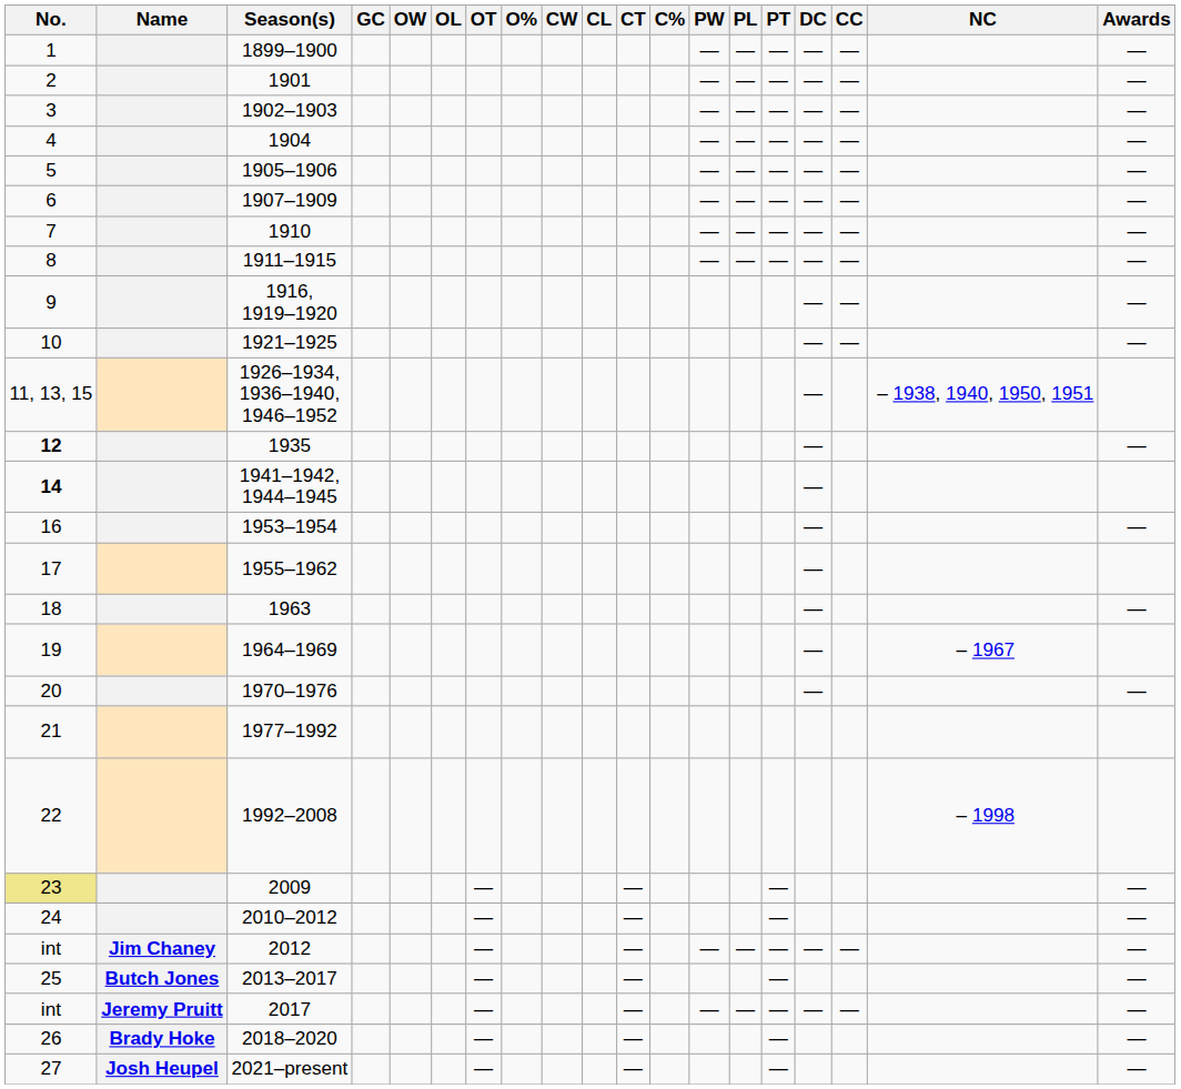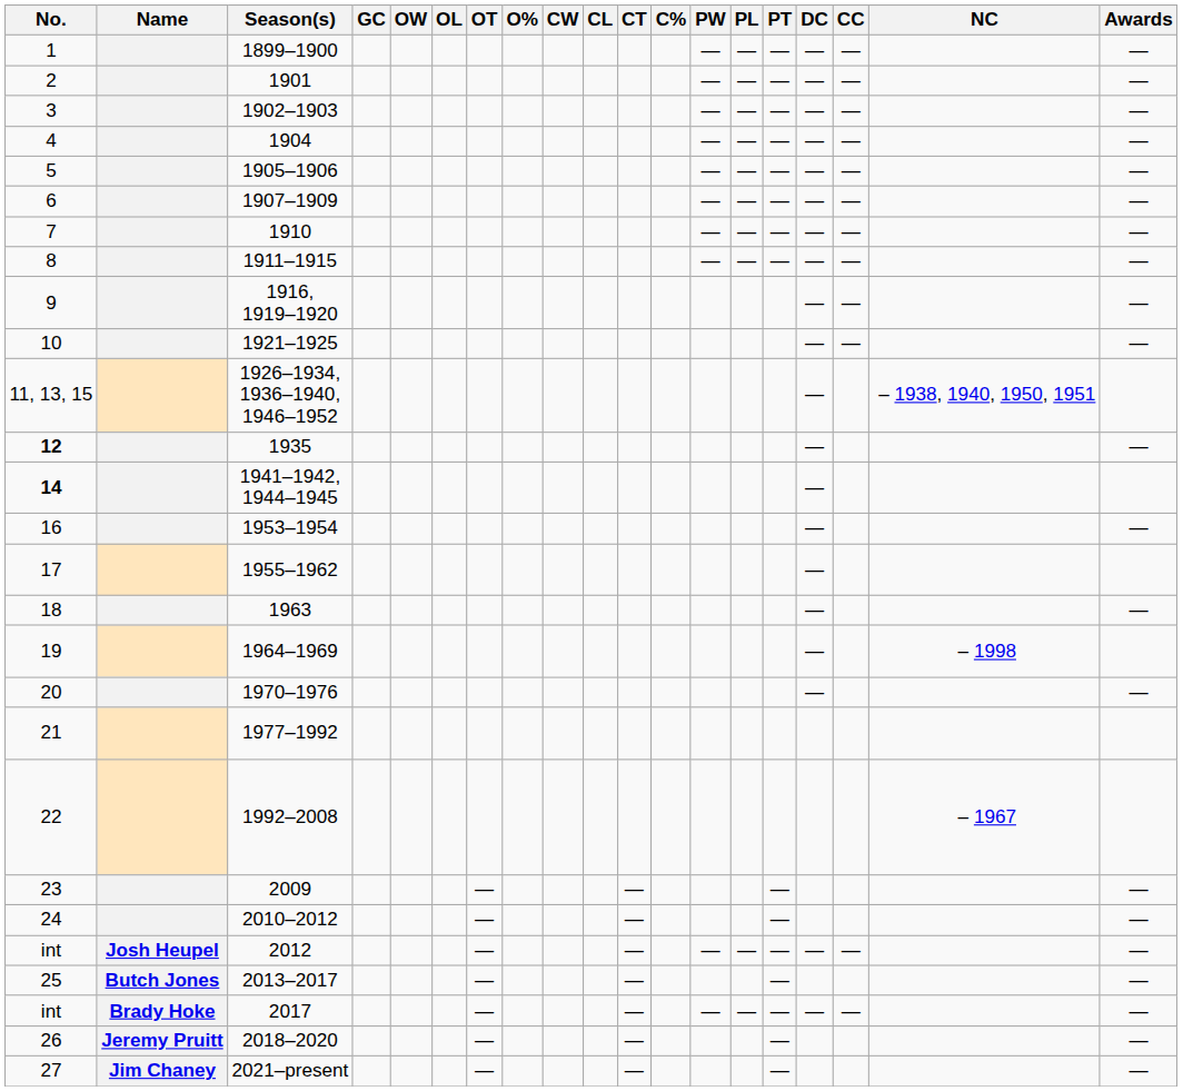 <table class="wikitable sortable" style="text-align:center">
 <tr>
 <th scope="col" class="unsortable">No.</th>
 <th scope="col">Name</th>
 <th scope="col">Season(s)<br></th>
 <th scope="col">GC</th>
 <th scope="col">OW</th>
 <th scope="col">OL</th>
 <th scope="col">OT</th>
 <th scope="col">O%</th>
 <th scope="col">CW</th>
 <th scope="col">CL</th>
 <th scope="col">CT</th>
 <th scope="col">C%</th>
 <th scope="col">PW</th>
 <th scope="col">PL</th>
 <th scope="col">PT</th>
 <th scope="col">DC<br></th>
 <th scope="col">CC</th>
 <th scope="col">NC</th>
 <th scope="col" class="unsortable">Awards</th>
 </tr>
 <tr>
 <td>1</td>
 <th scope="row"></th>
 <td>1899–1900</td>
 <td></td>
 <td></td>
 <td></td>
 <td></td>
 <td></td>
 <td></td>
 <td></td>
 <td></td>
 <td></td>
 <td>—</td>
 <td>—</td>
 <td>—</td>
 <td>—</td>
 <td>—</td>
 <td></td>
 <td>—</td>
 </tr>
 <tr>
 <td>2</td>
 <th scope="row"></th>
 <td>1901</td>
 <td></td>
 <td></td>
 <td></td>
 <td></td>
 <td></td>
 <td></td>
 <td></td>
 <td></td>
 <td></td>
 <td>—</td>
 <td>—</td>
 <td>—</td>
 <td>—</td>
 <td>—</td>
 <td></td>
 <td>—</td>
 </tr>
 <tr>
 <td>3</td>
 <th scope="row"></th>
 <td>1902–1903</td>
 <td></td>
 <td></td>
 <td></td>
 <td></td>
 <td></td>
 <td></td>
 <td></td>
 <td></td>
 <td></td>
 <td>—</td>
 <td>—</td>
 <td>—</td>
 <td>—</td>
 <td>—</td>
 <td></td>
 <td>—</td>
 </tr>
 <tr>
 <td>4</td>
 <th scope="row"></th>
 <td>1904</td>
 <td></td>
 <td></td>
 <td></td>
 <td></td>
 <td></td>
 <td></td>
 <td></td>
 <td></td>
 <td></td>
 <td>—</td>
 <td>—</td>
 <td>—</td>
 <td>—</td>
 <td>—</td>
 <td></td>
 <td>—</td>
 </tr>
 <tr>
 <td>5</td>
 <th scope="row"></th>
 <td>1905–1906</td>
 <td></td>
 <td></td>
 <td></td>
 <td></td>
 <td></td>
 <td></td>
 <td></td>
 <td></td>
 <td></td>
 <td>—</td>
 <td>—</td>
 <td>—</td>
 <td>—</td>
 <td>—</td>
 <td></td>
 <td>—</td>
 </tr>
 <tr>
 <td>6</td>
 <th scope="row"></th>
 <td>1907–1909</td>
 <td></td>
 <td></td>
 <td></td>
 <td></td>
 <td></td>
 <td></td>
 <td></td>
 <td></td>
 <td></td>
 <td>—</td>
 <td>—</td>
 <td>—</td>
 <td>—</td>
 <td>—</td>
 <td></td>
 <td>—</td>
 </tr>
 <tr>
 <td>7</td>
 <th scope="row"></th>
 <td>1910</td>
 <td></td>
 <td></td>
 <td></td>
 <td></td>
 <td></td>
 <td></td>
 <td></td>
 <td></td>
 <td></td>
 <td>—</td>
 <td>—</td>
 <td>—</td>
 <td>—</td>
 <td>—</td>
 <td></td>
 <td>—</td>
 </tr>
 <tr>
 <td>8</td>
 <th scope="row"></th>
 <td>1911–1915</td>
 <td></td>
 <td></td>
 <td></td>
 <td></td>
 <td></td>
 <td></td>
 <td></td>
 <td></td>
 <td></td>
 <td>—</td>
 <td>—</td>
 <td>—</td>
 <td>—</td>
 <td>—</td>
 <td></td>
 <td>—</td>
 </tr>
 <tr>
 <td>9</td>
 <th scope="row"></th>
 <td>1916,<br>1919–1920</td>
 <td></td>
 <td></td>
 <td></td>
 <td></td>
 <td></td>
 <td></td>
 <td></td>
 <td></td>
 <td></td>
 <td></td>
 <td></td>
 <td></td>
 <td>—</td>
 <td>—</td>
 <td></td>
 <td>—</td>
 </tr>
 <tr>
 <td>10</td>
 <th scope="row"></th>
 <td>1921–1925</td>
 <td></td>
 <td></td>
 <td></td>
 <td></td>
 <td></td>
 <td></td>
 <td></td>
 <td></td>
 <td></td>
 <td></td>
 <td></td>
 <td></td>
 <td>—</td>
 <td>—</td>
 <td></td>
 <td>—</td>
 </tr>
 <tr>
 <td>11, 13, 15</td>
 <td scope="row" align="center" bgcolor=#FFE6BD><strong></strong><sup></sup></td>
 <td>1926–1934,<br>1936–1940,<br>1946–1952</td>
 <td></td>
 <td></td>
 <td></td>
 <td></td>
 <td></td>
 <td></td>
 <td></td>
 <td></td>
 <td></td>
 <td></td>
 <td></td>
 <td></td>
 <td>—</td>
 <td></td>
 <td> – <a href='#'>1938</a>, <a href='#'>1940</a>,  <a href='#'>1950</a>, <a href='#'>1951</a></td>
 <td><br></td>
 </tr>
 <tr>
 <td><strong>12</strong></td>
 <th scope="row"></th>
 <td>1935</td>
 <td></td>
 <td></td>
 <td></td>
 <td></td>
 <td></td>
 <td></td>
 <td></td>
 <td></td>
 <td></td>
 <td></td>
 <td></td>
 <td></td>
 <td>—</td>
 <td></td>
 <td></td>
 <td>—</td>
 </tr>
 <tr>
 <td><strong>14</strong></td>
 <th scope="row"></th>
 <td>1941–1942,<br>1944–1945</td>
 <td></td>
 <td></td>
 <td></td>
 <td></td>
 <td></td>
 <td></td>
 <td></td>
 <td></td>
 <td></td>
 <td></td>
 <td></td>
 <td></td>
 <td>—</td>
 <td></td>
 <td></td>
 <td></td>
 </tr>
 <tr>
 <td>16</td>
 <th scope="row"></th>
 <td>1953–1954</td>
 <td></td>
 <td></td>
 <td></td>
 <td></td>
 <td></td>
 <td></td>
 <td></td>
 <td></td>
 <td></td>
 <td></td>
 <td></td>
 <td></td>
 <td>—</td>
 <td></td>
 <td></td>
 <td>—</td>
 </tr>
 <tr>
 <td>17</td>
 <td scope="row" align="center" bgcolor=#FFE6BD><strong></strong><sup></sup></td>
 <td>1955–1962</td>
 <td></td>
 <td></td>
 <td></td>
 <td></td>
 <td></td>
 <td></td>
 <td></td>
 <td></td>
 <td></td>
 <td></td>
 <td></td>
 <td></td>
 <td>—</td>
 <td></td>
 <td></td>
 <td><br><br></td>
 </tr>
 <tr>
 <td>18</td>
 <th scope="row"></th>
 <td>1963</td>
 <td></td>
 <td></td>
 <td></td>
 <td></td>
 <td></td>
 <td></td>
 <td></td>
 <td></td>
 <td></td>
 <td></td>
 <td></td>
 <td></td>
 <td>—</td>
 <td></td>
 <td></td>
 <td>—</td>
 </tr>
 <tr>
 <td>19</td>
 <td scope="row" align="center" bgcolor=#FFE6BD><strong></strong><sup></sup></td>
 <td>1964–1969</td>
 <td></td>
 <td></td>
 <td></td>
 <td></td>
 <td></td>
 <td></td>
 <td></td>
 <td></td>
 <td></td>
 <td></td>
 <td></td>
 <td></td>
 <td>—</td>
 <td></td>
-<td> – <a href='#'>1967</a></td>
+<td> – <a href='#'>1998</a></td>
 <td><br><br></td>
 </tr>
 <tr>
 <td>20</td>
 <th scope="row"></th>
 <td>1970–1976</td>
 <td></td>
 <td></td>
 <td></td>
 <td></td>
 <td></td>
 <td></td>
 <td></td>
 <td></td>
 <td></td>
 <td></td>
 <td></td>
 <td></td>
 <td>—</td>
 <td></td>
 <td></td>
 <td>—</td>
 </tr>
 <tr>
 <td>21</td>
 <td scope="row" align="center" bgcolor=#FFE6BD><strong></strong><sup></sup></td>
 <td>1977–1992<br></td>
 <td></td>
 <td></td>
 <td></td>
 <td></td>
 <td></td>
 <td></td>
 <td></td>
 <td></td>
 <td></td>
 <td></td>
 <td></td>
 <td></td>
 <td></td>
 <td></td>
 <td></td>
 <td><br><br></td>
 </tr>
 <tr>
 <td>22</td>
 <td scope="row" align="center" bgcolor=#FFE6BD><strong></strong><sup></sup></td>
 <td>1992–2008<br></td>
 <td></td>
 <td></td>
 <td></td>
 <td></td>
 <td></td>
 <td></td>
 <td></td>
 <td></td>
 <td></td>
 <td></td>
 <td></td>
 <td></td>
 <td></td>
 <td></td>
-<td> – <a href='#'>1998</a></td>
+<td> – <a href='#'>1967</a></td>
 <td><br><br><br><br><br></td>
 </tr>
 <tr>
-<td style="background: khaki;">23</td>
+<td>23</td>
 <th scope="row"></th>
 <td>2009</td>
 <td></td>
 <td></td>
 <td></td>
 <td>—</td>
 <td></td>
 <td></td>
 <td></td>
 <td>—</td>
 <td></td>
 <td></td>
 <td></td>
 <td>—</td>
 <td></td>
 <td></td>
 <td></td>
 <td>—</td>
 </tr>
 <tr>
 <td>24</td>
 <th scope="row"></th>
 <td>2010–2012</td>
 <td></td>
 <td></td>
 <td></td>
 <td>—</td>
 <td></td>
 <td></td>
 <td></td>
 <td>—</td>
 <td></td>
 <td></td>
 <td></td>
 <td>—</td>
 <td></td>
 <td></td>
 <td></td>
 <td>—</td>
 </tr>
 <tr>
 <td>int</td>
-<th scope="row"><a href='#'>Jim Chaney</a></th>
+<th scope="row"><a href='#'>Josh Heupel</a></th>
 <td>2012</td>
 <td></td>
 <td></td>
 <td></td>
 <td>—</td>
 <td></td>
 <td></td>
 <td></td>
 <td>—</td>
 <td></td>
 <td>—</td>
 <td>—</td>
 <td>—</td>
 <td>—</td>
 <td>—</td>
 <td></td>
 <td>—</td>
 </tr>
 <tr>
 <td>25</td>
 <th scope="row"><a href='#'>Butch Jones</a></th>
 <td>2013–2017</td>
 <td></td>
 <td></td>
 <td></td>
 <td>—</td>
 <td></td>
 <td></td>
 <td></td>
 <td>—</td>
 <td></td>
 <td></td>
 <td></td>
 <td>—</td>
 <td></td>
 <td></td>
 <td></td>
 <td>—</td>
 </tr>
 <tr>
 <td>int</td>
-<th scope="row"><a href='#'>Jeremy Pruitt</a></th>
+<th scope="row"><a href='#'>Brady Hoke</a></th>
 <td>2017</td>
 <td></td>
 <td></td>
 <td></td>
 <td>—</td>
 <td></td>
 <td></td>
 <td></td>
 <td>—</td>
 <td></td>
 <td>—</td>
 <td>—</td>
 <td>—</td>
 <td>—</td>
 <td>—</td>
 <td></td>
 <td>—</td>
 </tr>
 <tr>
 <td>26</td>
-<th scope="row"><a href='#'>Brady Hoke</a></th>
+<th scope="row"><a href='#'>Jeremy Pruitt</a></th>
 <td>2018–2020</td>
 <td></td>
 <td></td>
 <td></td>
 <td>—</td>
 <td></td>
 <td></td>
 <td></td>
 <td>—</td>
 <td></td>
 <td></td>
 <td></td>
 <td>—</td>
 <td></td>
 <td></td>
 <td></td>
 <td>—</td>
 </tr>
 <tr>
 <td>27</td>
-<th scope="row"><a href='#'>Josh Heupel</a></th>
+<th scope="row"><a href='#'>Jim Chaney</a></th>
 <td>2021–present</td>
 <td></td>
 <td></td>
 <td></td>
 <td>—</td>
 <td></td>
 <td></td>
 <td></td>
 <td>—</td>
 <td></td>
 <td></td>
 <td></td>
 <td>—</td>
 <td></td>
 <td></td>
 <td></td>
 <td>—</td>
 </tr>
 <tr>
 </tr>
 </table>
